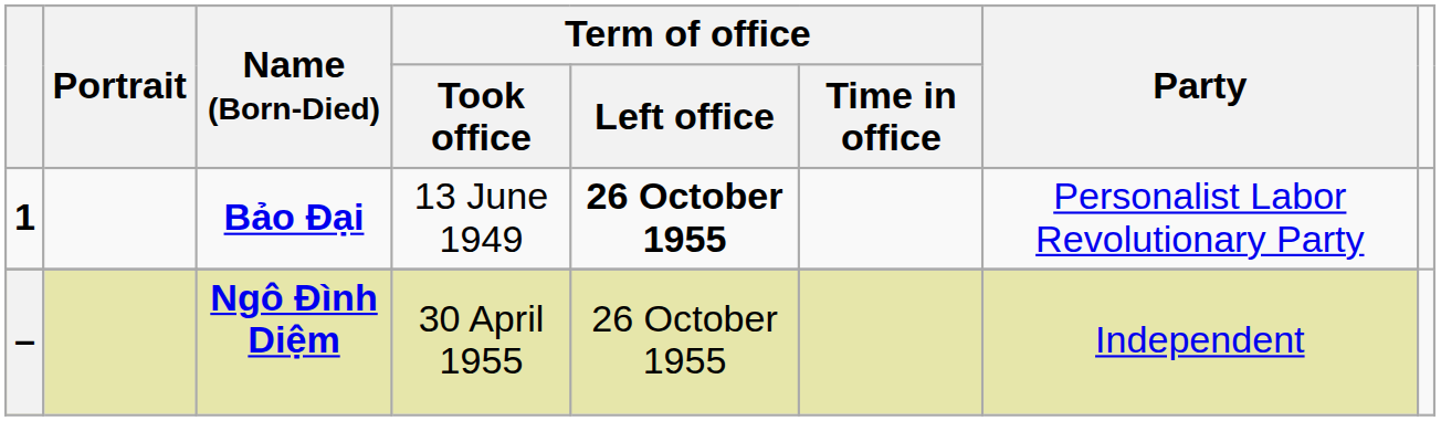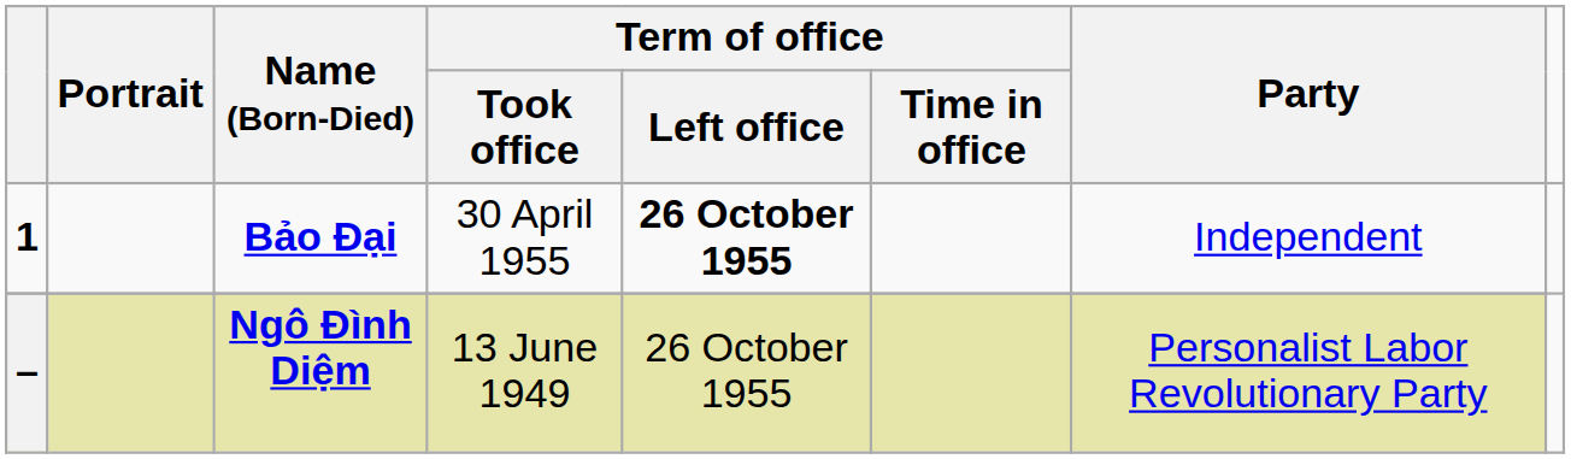 <table class="wikitable" style="text-align:center;">
 <tr>
 <th rowspan=2></th>
 <th rowspan=2>Portrait</th>
 <th rowspan=2>Name<br><small>(Born-Died)</small></th>
 <th colspan=3>Term of office</th>
 <th rowspan=2>Party</th>
 </tr>
 <tr>
 <th>Took office</th>
 <th>Left office</th>
 <th>Time in office</th>
 </tr>
 <tr align="center">
 <td style="background: "><strong>1</strong></td>
 <td></td>
 <td><strong><a href='#'>Bảo Đại</a></strong><br></td>
-<td>13 June 1949</td>
+<td>30 April 1955</td>
 <td><strong>26 October 1955</strong></td>
 <td></td>
-<td><a href='#'>Personalist Labor Revolutionary Party</a></td>
+<td><a href='#'>Independent</a></td>
 <td></td>
 </tr>
 <tr align="center">
 </tr>
 <tr style="text-align:center; background:#E6E6AA">
 <th style="background: "><strong>–</strong></th>
 <td></td>
 <td><strong><a href='#'>Ngô Đình Diệm</a></strong><br><br></td>
-<td>30 April 1955</td>
+<td>13 June 1949</td>
 <td>26 October 1955</td>
 <td></td>
-<td><a href='#'>Independent</a></td>
+<td><a href='#'>Personalist Labor Revolutionary Party</a></td>
 </tr>
 </table>
